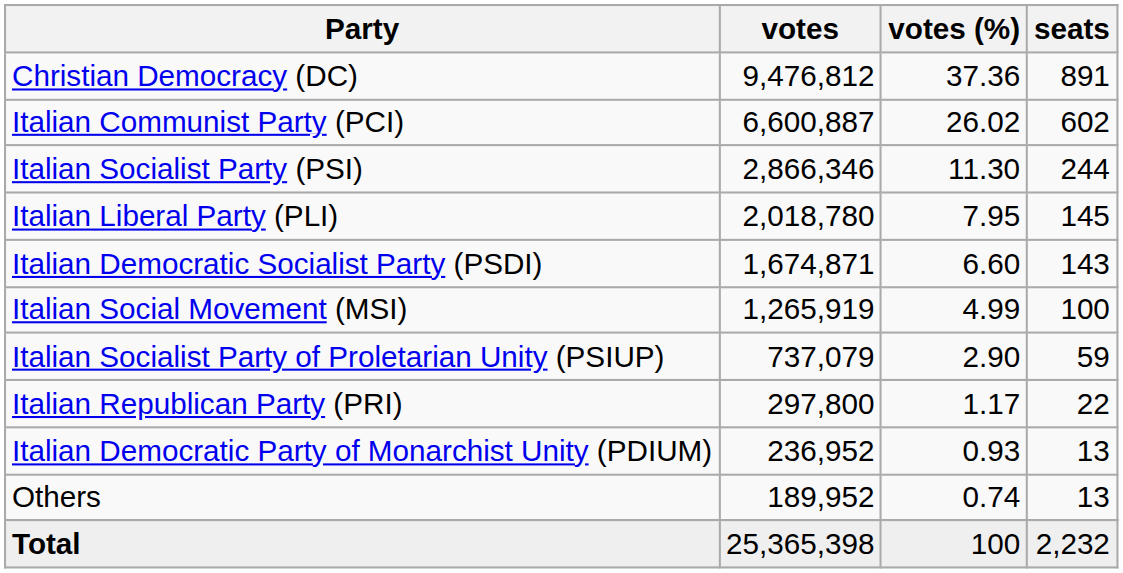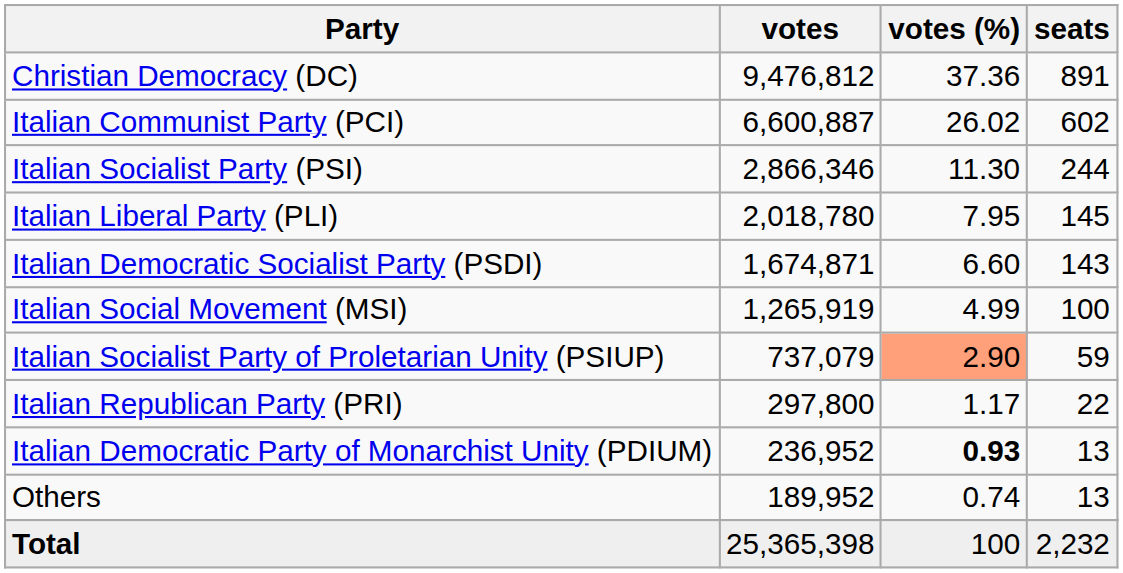 <table class="wikitable" style="font-size: 90%;">
 <tr bgcolor="EFEFEF">
 <th>Party</th>
 <th>votes</th>
 <th>votes (%)</th>
 <th>seats</th>
 </tr>
 <tr>
 <td><a href='#'>Christian Democracy</a> (DC)</td>
 <td align=right>9,476,812</td>
 <td align=right>37.36</td>
 <td align=right>891</td>
 </tr>
 <tr>
 <td><a href='#'>Italian Communist Party</a> (PCI)</td>
 <td align=right>6,600,887</td>
 <td align=right>26.02</td>
 <td align=right>602</td>
 </tr>
 <tr>
 <td><a href='#'>Italian Socialist Party</a> (PSI)</td>
 <td align=right>2,866,346</td>
 <td align=right>11.30</td>
 <td align=right>244</td>
 </tr>
 <tr>
 <td><a href='#'>Italian Liberal Party</a> (PLI)</td>
 <td align=right>2,018,780</td>
 <td align=right>7.95</td>
 <td align=right>145</td>
 </tr>
 <tr>
 <td><a href='#'>Italian Democratic Socialist Party</a> (PSDI)</td>
 <td align=right>1,674,871</td>
 <td align=right>6.60</td>
 <td align=right>143</td>
 </tr>
 <tr>
 <td><a href='#'>Italian Social Movement</a> (MSI)</td>
 <td align=right>1,265,919</td>
 <td align=right>4.99</td>
 <td align=right>100</td>
 </tr>
 <tr>
 <td><a href='#'>Italian Socialist Party of Proletarian Unity</a> (PSIUP)</td>
 <td align=right>737,079</td>
-<td align=right>2.90</td>
+<td align=right style="background: lightsalmon;">2.90</td>
 <td align=right>59</td>
 </tr>
 <tr>
 <td><a href='#'>Italian Republican Party</a> (PRI)</td>
 <td align=right>297,800</td>
 <td align=right>1.17</td>
 <td align=right>22</td>
 </tr>
 <tr>
 <td><a href='#'>Italian Democratic Party of Monarchist Unity</a> (PDIUM)</td>
 <td align=right>236,952</td>
-<td align=right>0.93</td>
+<td align=right><strong>0.93</strong></td>
 <td align=right>13</td>
 </tr>
 <tr>
 <td>Others</td>
 <td align=right>189,952</td>
 <td align=right>0.74</td>
 <td align=right>13</td>
 </tr>
 <tr>
 </tr>
 <tr bgcolor="EFEFEF">
 <td align=left><strong>Total</strong></td>
 <td align=right>25,365,398</td>
 <td align=right>100</td>
 <td align=right>2,232</td>
 </tr>
 </table>
